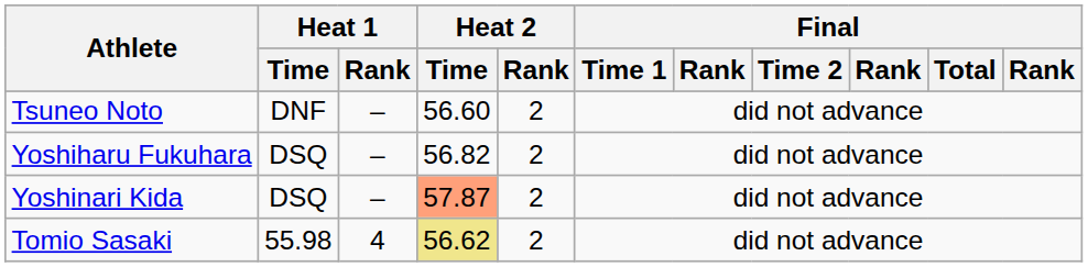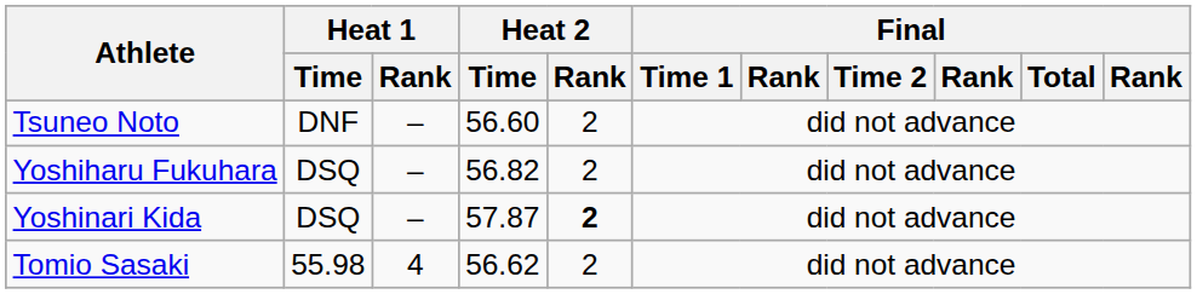 <table class="wikitable" style="font-size:90%">
 <tr>
 <th rowspan="2">Athlete</th>
 <th colspan="2">Heat 1</th>
 <th colspan="2">Heat 2</th>
 <th colspan="6">Final</th>
 </tr>
 <tr>
 <th>Time</th>
 <th>Rank</th>
 <th>Time</th>
 <th>Rank</th>
 <th>Time 1</th>
 <th>Rank</th>
 <th>Time 2</th>
 <th>Rank</th>
 <th>Total</th>
 <th>Rank</th>
 </tr>
 <tr>
 <td><a href='#'>Tsuneo Noto</a></td>
 <td align="center">DNF</td>
 <td align="center">–</td>
 <td align="center">56.60</td>
 <td align="center">2</td>
 <td colspan="6" align="center">did not advance</td>
 </tr>
 <tr>
 <td><a href='#'>Yoshiharu Fukuhara</a></td>
 <td align="center">DSQ</td>
 <td align="center">–</td>
 <td align="center">56.82</td>
 <td align="center">2</td>
 <td colspan="6" align="center">did not advance</td>
 </tr>
 <tr>
 <td><a href='#'>Yoshinari Kida</a></td>
 <td align="center">DSQ</td>
 <td align="center">–</td>
-<td align="center" style="background: lightsalmon;">57.87</td>
-<td align="center">2</td>
+<td align="center">57.87</td>
+<td align="center"><strong>2</strong></td>
 <td colspan="6" align="center">did not advance</td>
 </tr>
 <tr>
 <td><a href='#'>Tomio Sasaki</a></td>
 <td align="center">55.98</td>
 <td align="center">4</td>
-<td align="center" style="background: khaki;">56.62</td>
+<td align="center">56.62</td>
 <td align="center">2</td>
 <td colspan="6" align="center">did not advance</td>
 </tr>
 </table>
